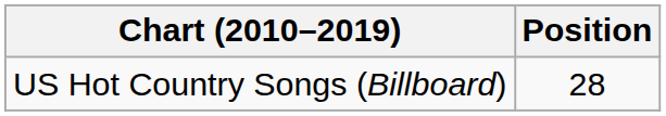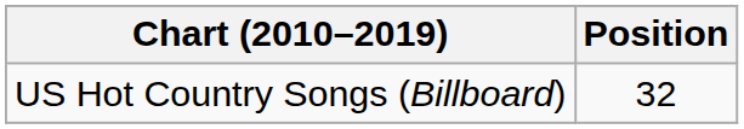 <table class="wikitable">
 <tr>
 <th>Chart (2010–2019)</th>
 <th>Position</th>
 </tr>
 <tr>
 <td>US Hot Country Songs (<em>Billboard</em>)</td>
-<td style="text-align:center;">28</td>
+<td style="text-align:center;">32</td>
 </tr>
 </table>
